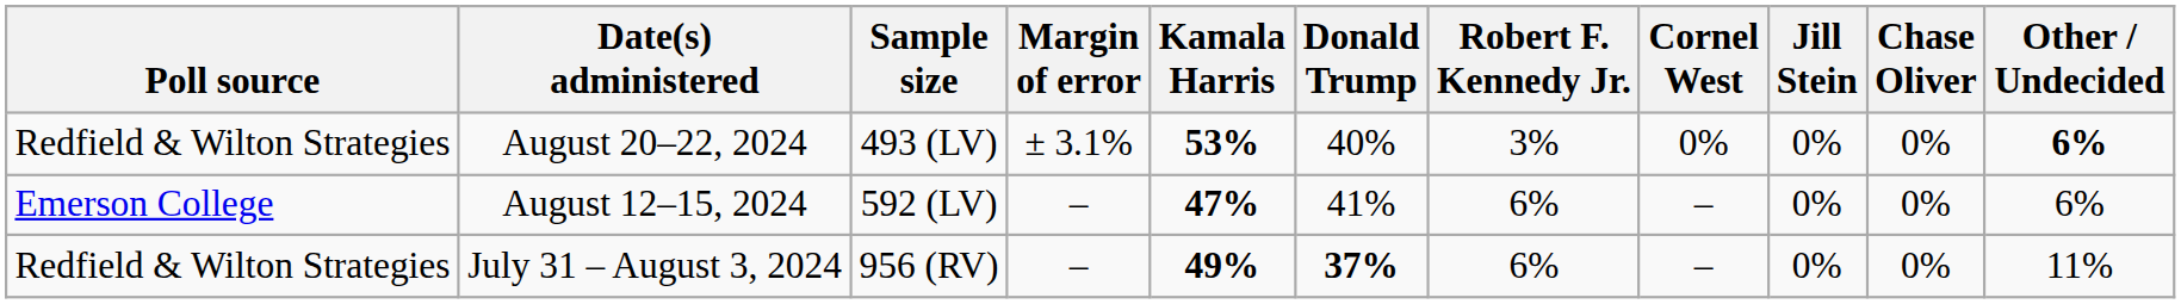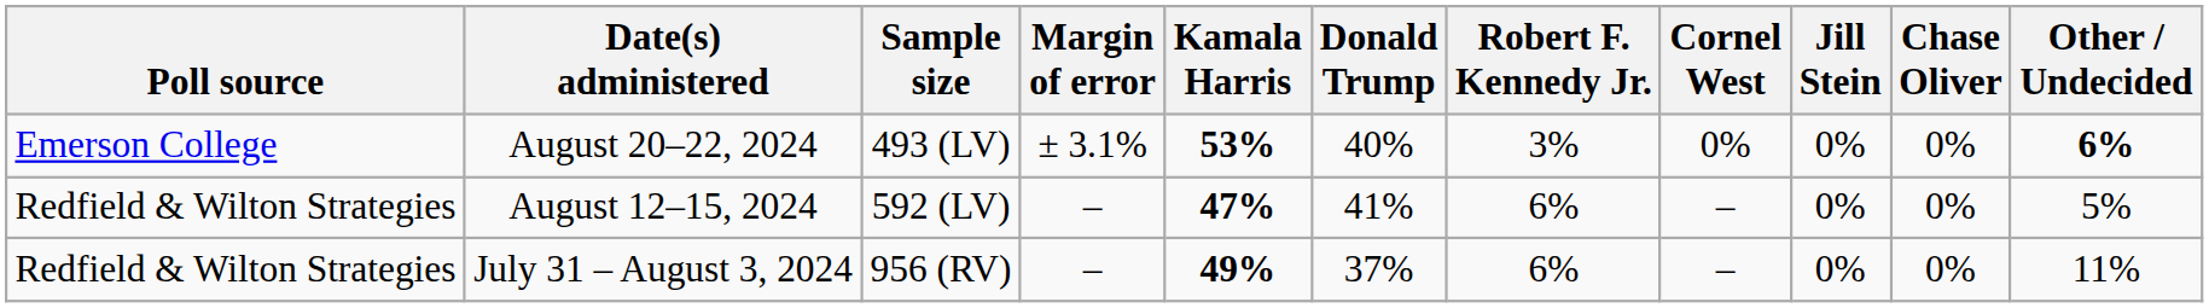 <table class="wikitable sortable mw-datatable" style="font-size:90%;text-align:center;line-height:17px">
 <tr valign=bottom>
 <th>Poll source</th>
 <th>Date(s)<br>administered</th>
 <th>Sample<br>size</th>
 <th>Margin<br>of error</th>
 <th class="unsortable">Kamala<br>Harris<br></th>
 <th class="unsortable">Donald<br>Trump<br></th>
 <th class="unsortable">Robert F.<br>Kennedy Jr.<br></th>
 <th class="unsortable">Cornel<br>West<br></th>
 <th class="unsortable">Jill<br>Stein<br></th>
 <th class="unsortable">Chase<br>Oliver<br></th>
 <th class="unsortable">Other /<br>Undecided</th>
 </tr>
 <tr>
-<td style="text-align:left;">Redfield & Wilton Strategies</td>
+<td style="text-align:left;"><a href='#'>Emerson College</a></td>
 <td data-sort-value="2024-08-22">August 20–22, 2024</td>
 <td>493 (LV)</td>
 <td>± 3.1%</td>
 <td style="color:black;background-color:"><strong>53%</strong></td>
 <td>40%</td>
 <td>3%</td>
 <td>0%</td>
 <td>0%</td>
 <td>0%</td>
 <td><strong>6%</strong></td>
 </tr>
 <tr>
-<td style="text-align:left;"><a href='#'>Emerson College</a></td>
+<td style="text-align:left;">Redfield & Wilton Strategies</td>
 <td data-sort-value="2024-08-15">August 12–15, 2024</td>
 <td>592 (LV)</td>
 <td>–</td>
 <td style="color:black;background-color:"><strong>47%</strong></td>
 <td>41%</td>
 <td>6%</td>
 <td>–</td>
 <td>0%</td>
 <td>0%</td>
-<td>6%</td>
+<td>5%</td>
 </tr>
 <tr>
 <td style="text-align:left;">Redfield & Wilton Strategies</td>
 <td data-sort-value="2024-08-03">July 31 – August 3, 2024</td>
 <td>956 (RV)</td>
 <td>–</td>
 <td style="color:black;background-color:"><strong>49%</strong></td>
-<td><strong>37%</strong></td>
+<td>37%</td>
 <td>6%</td>
 <td>–</td>
 <td>0%</td>
 <td>0%</td>
 <td>11%</td>
 </tr>
 </table>
